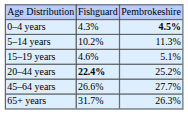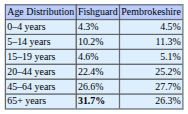 <table border="1" cellspacing="0" cellpadding="2" style="margin:auto; background:#def;">
 <tr style="background:#bcf;">
 <td>Age Distribution</td>
 <td>Fishguard</td>
 <td>Pembrokeshire</td>
 </tr>
 <tr>
 <td>0–4 years</td>
 <td align="left">4.3%</td>
-<td style="text-align:right;"><strong>4.5%</strong></td>
+<td style="text-align:right;">4.5%</td>
 </tr>
 <tr>
 <td>5–14 years</td>
 <td align="left">10.2%</td>
 <td align="right">11.3%</td>
 </tr>
 <tr>
 <td>15–19 years</td>
 <td align="left">4.6%</td>
 <td align="right">5.1%</td>
 </tr>
 <tr>
 <td>20–44 years</td>
-<td align="left"><strong>22.4%</strong></td>
+<td align="left">22.4%</td>
 <td align="right">25.2%</td>
 </tr>
 <tr>
 <td>45–64 years</td>
 <td align="left">26.6%</td>
 <td align="right">27.7%</td>
 </tr>
 <tr>
 <td>65+ years</td>
-<td style="text-align:left;">31.7%</td>
+<td style="text-align:left;"><strong>31.7%</strong></td>
 <td align="right">26.3%</td>
 </tr>
 </table>
